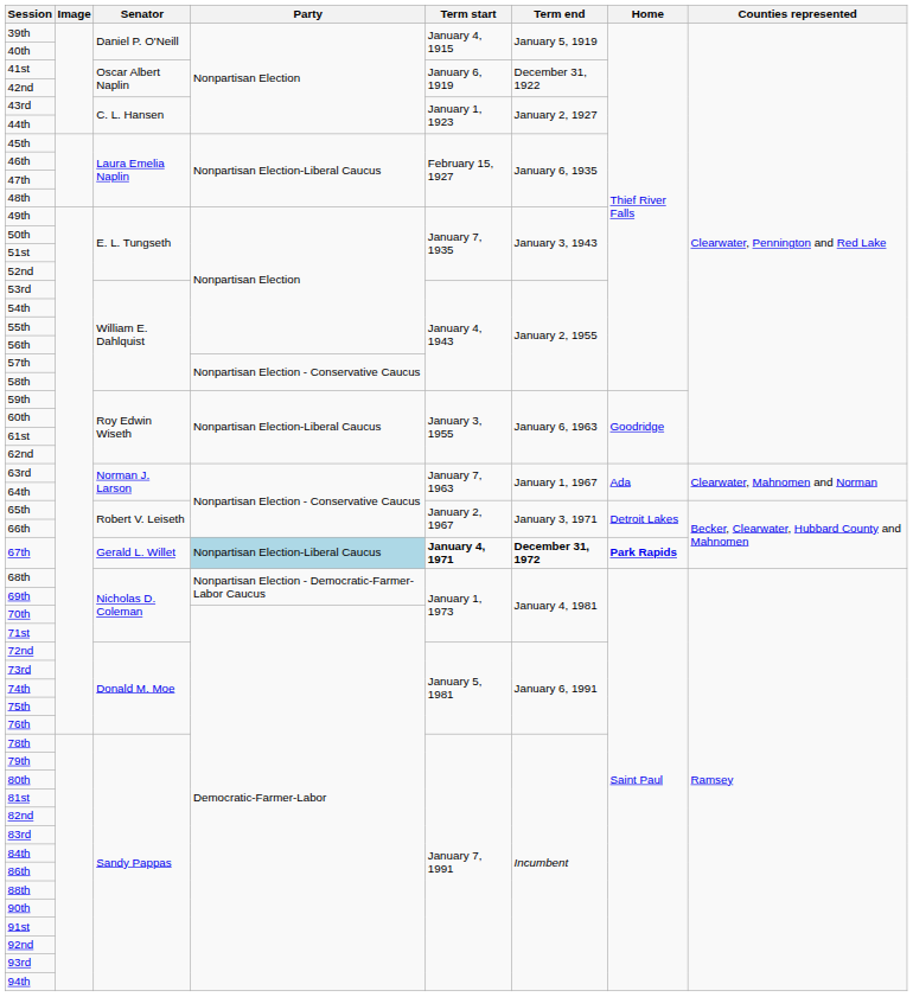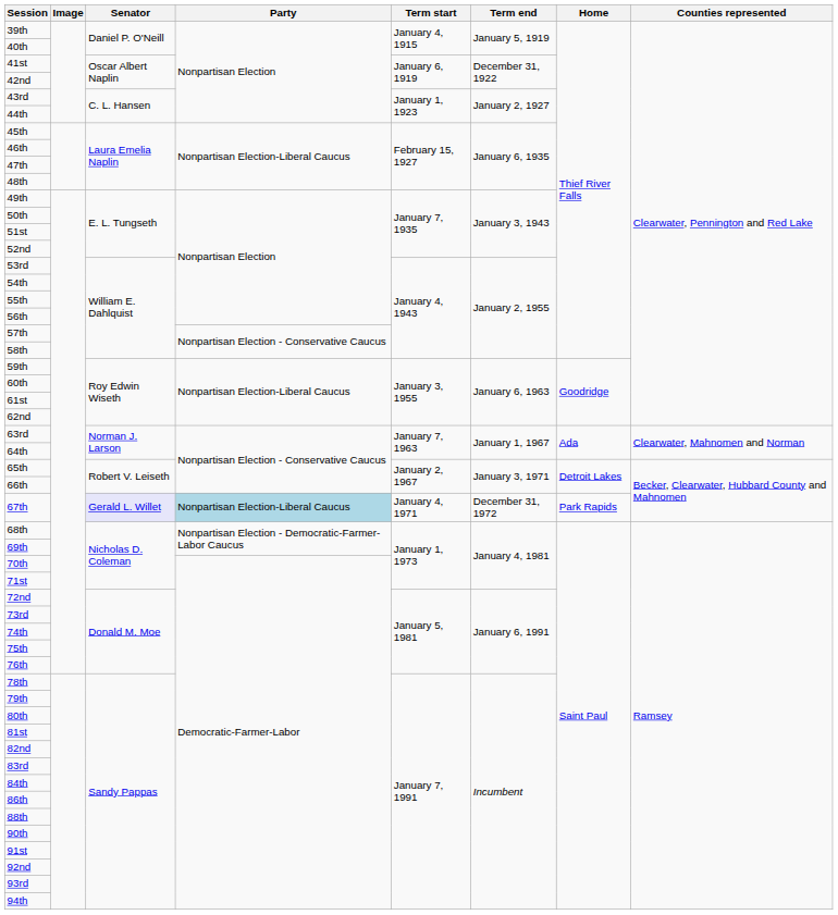 <table role="presentation" class="wikitable mw-collapsible">
 <tr>
 <th>Session</th>
 <th>Image</th>
 <th>Senator</th>
 <th>Party</th>
 <th>Term start</th>
 <th>Term end</th>
 <th>Home</th>
 <th>Counties represented</th>
 </tr>
 <tr>
 <td>39th</td>
 <td rowspan="6"></td>
 <td rowspan="2">Daniel P. O'Neill</td>
 <td rowspan="6" >Nonpartisan Election</td>
 <td rowspan="2">January 4, 1915</td>
 <td rowspan="2">January 5, 1919</td>
 <td rowspan="20"><a href='#'>Thief River Falls</a></td>
 <td rowspan="24"><a href='#'>Clearwater</a>, <a href='#'>Pennington</a> and <a href='#'>Red Lake</a></td>
 </tr>
 <tr>
 <td>40th</td>
 </tr>
 <tr>
 <td>41st</td>
 <td rowspan="2">Oscar Albert Naplin</td>
 <td rowspan="2">January 6, 1919</td>
 <td rowspan="2">December 31, 1922</td>
 </tr>
 <tr>
 <td>42nd</td>
 </tr>
 <tr>
 <td>43rd</td>
 <td rowspan="2">C. L. Hansen</td>
 <td rowspan="2">January 1, 1923</td>
 <td rowspan="2">January 2, 1927</td>
 </tr>
 <tr>
 <td>44th</td>
 </tr>
 <tr>
 <td>45th</td>
 <td rowspan="4"></td>
 <td rowspan="4"><a href='#'>Laura Emelia Naplin</a></td>
 <td rowspan="4" >Nonpartisan Election-Liberal Caucus</td>
 <td rowspan="4">February 15, 1927</td>
 <td rowspan="4">January 6, 1935</td>
 </tr>
 <tr>
 <td>46th</td>
 </tr>
 <tr>
 <td>47th</td>
 </tr>
 <tr>
 <td>48th</td>
 </tr>
 <tr>
 <td>49th</td>
 <td rowspan="28"></td>
 <td rowspan="4">E. L. Tungseth</td>
 <td rowspan="8" >Nonpartisan Election</td>
 <td rowspan="4">January 7, 1935</td>
 <td rowspan="4">January 3, 1943</td>
 </tr>
 <tr>
 <td>50th</td>
 </tr>
 <tr>
 <td>51st</td>
 </tr>
 <tr>
 <td>52nd</td>
 </tr>
 <tr>
 <td>53rd</td>
 <td rowspan="6">William E. Dahlquist</td>
 <td rowspan="6">January 4, 1943</td>
 <td rowspan="6">January 2, 1955</td>
 </tr>
 <tr>
 <td>54th</td>
 </tr>
 <tr>
 <td>55th</td>
 </tr>
 <tr>
 <td>56th</td>
 </tr>
 <tr>
 <td>57th</td>
 <td rowspan="2" >Nonpartisan Election - Conservative Caucus</td>
 </tr>
 <tr>
 <td>58th</td>
 </tr>
 <tr>
 <td>59th</td>
 <td rowspan="4">Roy Edwin Wiseth</td>
 <td rowspan="4" >Nonpartisan Election-Liberal Caucus</td>
 <td rowspan="4">January 3, 1955</td>
 <td rowspan="4">January 6, 1963</td>
 <td rowspan="4"><a href='#'>Goodridge</a></td>
 </tr>
 <tr>
 <td>60th</td>
 </tr>
 <tr>
 <td>61st</td>
 </tr>
 <tr>
 <td>62nd</td>
 </tr>
 <tr>
 <td>63rd</td>
 <td rowspan="2"><a href='#'>Norman J. Larson</a></td>
 <td rowspan="4" >Nonpartisan Election - Conservative Caucus</td>
 <td rowspan="2">January 7, 1963</td>
 <td rowspan="2">January 1, 1967</td>
 <td rowspan="2"><a href='#'>Ada</a></td>
 <td rowspan="2"><a href='#'>Clearwater</a>, <a href='#'>Mahnomen</a> and <a href='#'>Norman</a></td>
 </tr>
 <tr>
 <td>64th</td>
 </tr>
 <tr>
 <td>65th</td>
 <td rowspan="2">Robert V. Leiseth</td>
 <td rowspan="2">January 2, 1967</td>
 <td rowspan="2">January 3, 1971</td>
 <td rowspan="2"><a href='#'>Detroit Lakes</a></td>
 <td rowspan="3"><a href='#'>Becker</a>, <a href='#'>Clearwater</a>, <a href='#'>Hubbard County</a> and <a href='#'>Mahnomen</a></td>
 </tr>
 <tr>
 <td>66th</td>
 </tr>
 <tr>
 <td><a href='#'>67th</a></td>
-<td><a href='#'>Gerald L. Willet</a></td>
+<td style="background: lavender;"><a href='#'>Gerald L. Willet</a></td>
 <td style="background: lightblue;">Nonpartisan Election-Liberal Caucus</td>
-<td><strong>January 4, 1971</strong></td>
-<td><strong>December 31, 1972</strong></td>
-<td><strong><a href='#'>Park Rapids</a></strong></td>
+<td>January 4, 1971</td>
+<td>December 31, 1972</td>
+<td><a href='#'>Park Rapids</a></td>
 </tr>
 <tr>
 <td>68th</td>
 <td rowspan="4"><a href='#'>Nicholas D. Coleman</a></td>
 <td rowspan="2" >Nonpartisan Election - Democratic-Farmer-Labor Caucus</td>
 <td rowspan="4">January 1, 1973</td>
 <td rowspan="4">January 4, 1981</td>
 <td rowspan="27"><a href='#'>Saint Paul</a></td>
 <td rowspan="27"><a href='#'>Ramsey</a></td>
 </tr>
 <tr>
 <td><a href='#'>69th</a></td>
 </tr>
 <tr>
 <td><a href='#'>70th</a></td>
 <td rowspan="25" >Democratic-Farmer-Labor</td>
 </tr>
 <tr>
 <td><a href='#'>71st</a></td>
 </tr>
 <tr>
 <td><a href='#'>72nd</a></td>
 <td rowspan="5"><a href='#'>Donald M. Moe</a></td>
 <td rowspan="5">January 5, 1981</td>
 <td rowspan="5">January 6, 1991</td>
 </tr>
 <tr>
 <td><a href='#'>73rd</a></td>
 </tr>
 <tr>
 <td><a href='#'>74th</a></td>
 </tr>
 <tr>
 <td><a href='#'>75th</a></td>
 </tr>
 <tr>
 <td><a href='#'>76th</a></td>
 </tr>
 <tr>
 <td><a href='#'>78th</a></td>
 <td rowspan="18"></td>
 <td rowspan="18"><a href='#'>Sandy Pappas</a></td>
 <td rowspan="18">January 7, 1991</td>
 <td rowspan="18"><em>Incumbent</em></td>
 </tr>
 <tr>
 <td><a href='#'>79th</a></td>
 </tr>
 <tr>
 <td><a href='#'>80th</a></td>
 </tr>
 <tr>
 <td><a href='#'>81st</a></td>
 </tr>
 <tr>
 <td><a href='#'>82nd</a></td>
 </tr>
 <tr>
 <td><a href='#'>83rd</a></td>
 </tr>
 <tr>
 <td><a href='#'>84th</a></td>
 </tr>
 <tr>
 <td><a href='#'>86th</a></td>
 </tr>
 <tr>
 <td><a href='#'>88th</a></td>
 </tr>
 <tr>
 <td><a href='#'>90th</a></td>
 </tr>
 <tr>
 <td><a href='#'>91st</a></td>
 </tr>
 <tr>
 <td><a href='#'>92nd</a></td>
 </tr>
 <tr>
 <td><a href='#'>93rd</a></td>
 </tr>
 <tr>
 <td><a href='#'>94th</a></td>
 </tr>
 </table>
